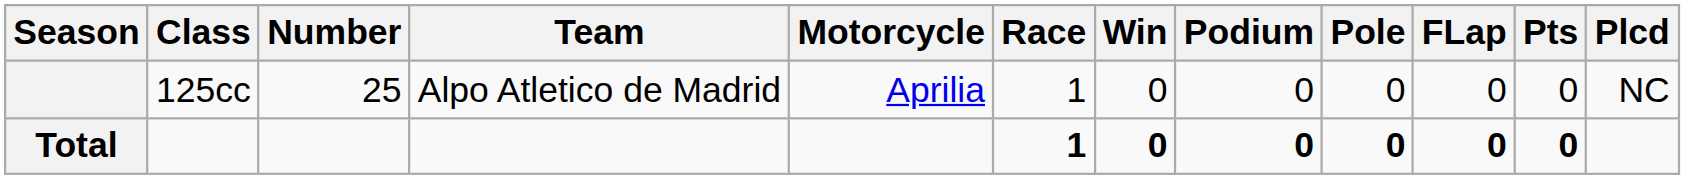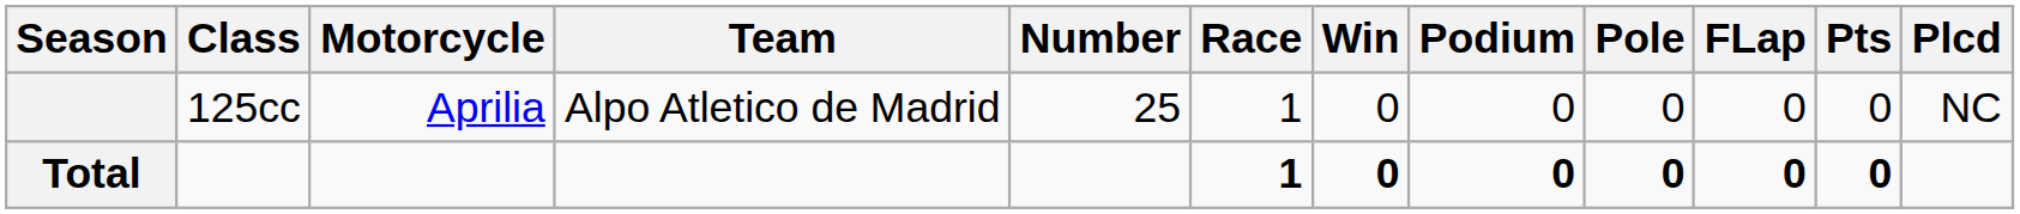 <table class="wikitable">
 <tr>
 <th>Season</th>
 <th>Class</th>
+<th>Motorcycle</th>
+<th>Team</th>
 <th>Number</th>
-<th>Team</th>
-<th>Motorcycle</th>
 <th>Race</th>
 <th>Win</th>
 <th>Podium</th>
 <th>Pole</th>
 <th>FLap</th>
 <th>Pts</th>
 <th>Plcd</th>
 </tr>
 <tr align="right">
 <th></th>
 <td>125cc</td>
+<td><a href='#'>Aprilia</a></td>
+<td>Alpo Atletico de Madrid</td>
 <td>25</td>
-<td>Alpo Atletico de Madrid</td>
-<td><a href='#'>Aprilia</a></td>
 <td>1</td>
 <td>0</td>
 <td>0</td>
 <td>0</td>
 <td>0</td>
 <td>0</td>
 <td>NC</td>
 </tr>
 <tr align="right">
 <th>Total</th>
 <td></td>
 <td></td>
 <td></td>
 <td></td>
 <td><strong>1</strong></td>
 <td><strong>0</strong></td>
 <td><strong>0</strong></td>
 <td><strong>0</strong></td>
 <td><strong>0</strong></td>
 <td><strong>0</strong></td>
 <td></td>
 </tr>
 </table>
